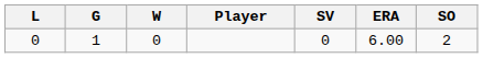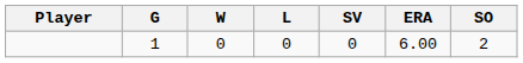 <table class="wikitable sortable">
 <tr>
-<th bgcolor="#DDDDFF" width="9%">L</th>
+<th bgcolor="#DDDDFF" width="16%">Player</th>
 <th bgcolor="#DDDDFF" width="9%">G</th>
 <th bgcolor="#DDDDFF" width="9%">W</th>
-<th bgcolor="#DDDDFF" width="16%">Player</th>
+<th bgcolor="#DDDDFF" width="9%">L</th>
 <th bgcolor="#DDDDFF" width="9%">SV</th>
 <th bgcolor="#DDDDFF" width="9%">ERA</th>
 <th bgcolor="#DDDDFF" width="9%">SO</th>
 </tr>
 <tr align="center">
-<td>0</td>
+<td></td>
 <td>1</td>
 <td>0</td>
-<td></td>
+<td>0</td>
 <td>0</td>
 <td>6.00</td>
 <td>2</td>
 </tr>
 </table>
